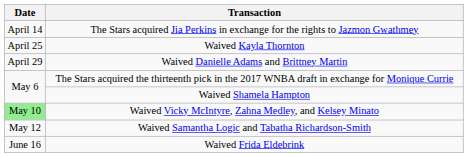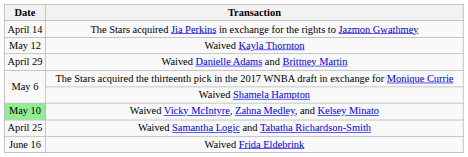 <table class="wikitable" style="width:80%; text-align:center;">
 <tr>
 <th>Date</th>
 <th>Transaction</th>
 </tr>
 <tr>
 <td>April 14</td>
 <td>The Stars acquired <a href='#'>Jia Perkins</a> in exchange for the rights to <a href='#'>Jazmon Gwathmey</a></td>
 </tr>
 <tr>
-<td>April 25</td>
+<td>May 12</td>
 <td>Waived <a href='#'>Kayla Thornton</a></td>
 </tr>
 <tr>
 <td>April 29</td>
 <td>Waived <a href='#'>Danielle Adams</a> and <a href='#'>Brittney Martin</a></td>
 </tr>
 <tr>
 <td rowspan=2>May 6</td>
 <td>The Stars acquired the thirteenth pick in the 2017 WNBA draft in exchange for <a href='#'>Monique Currie</a></td>
 </tr>
 <tr>
 <td>Waived <a href='#'>Shamela Hampton</a></td>
 </tr>
 <tr>
 <td style="background: lightgreen;">May 10</td>
 <td>Waived <a href='#'>Vicky McIntyre</a>, <a href='#'>Zahna Medley</a>, and <a href='#'>Kelsey Minato</a></td>
 </tr>
 <tr>
-<td>May 12</td>
+<td>April 25</td>
 <td>Waived <a href='#'>Samantha Logic</a> and <a href='#'>Tabatha Richardson-Smith</a></td>
 </tr>
 <tr>
 <td>June 16</td>
 <td>Waived <a href='#'>Frida Eldebrink</a></td>
 </tr>
 </table>
